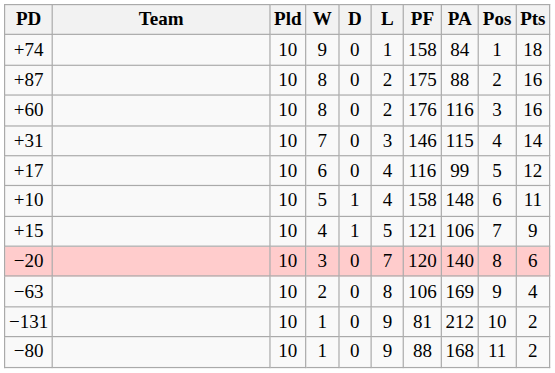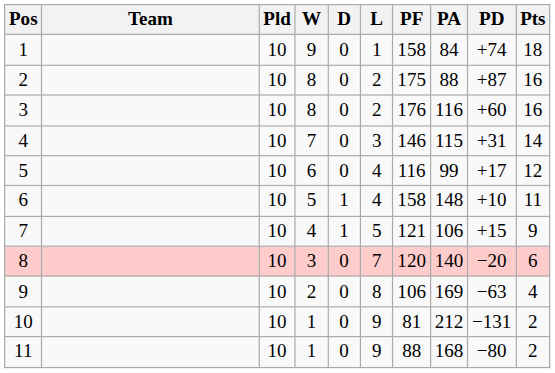 <table class="wikitable" style="text-align:center">
 <tr>
-<th width=25 abbr="Points difference">PD</th>
+<th width=20 abbr="Position">Pos</th>
 <th width=175>Team</th>
 <th width=20 abbr="Played">Pld</th>
 <th width=20 abbr="Won">W</th>
 <th width=20 abbr="Drawn">D</th>
 <th width=20 abbr="Lost">L</th>
 <th width=20 abbr="Points for">PF</th>
 <th width=20 abbr="Points against">PA</th>
-<th width=20 abbr="Position">Pos</th>
+<th width=25 abbr="Points difference">PD</th>
 <th width=20 abbr="Points">Pts</th>
 </tr>
 <tr>
-<td>+74</td>
+<td>1</td>
 <td style="text-align:left"></td>
 <td>10</td>
 <td>9</td>
 <td>0</td>
 <td>1</td>
 <td>158</td>
 <td>84</td>
-<td>1</td>
+<td>+74</td>
 <td>18</td>
 </tr>
 <tr>
-<td>+87</td>
+<td>2</td>
 <td style="text-align:left"></td>
 <td>10</td>
 <td>8</td>
 <td>0</td>
 <td>2</td>
 <td>175</td>
 <td>88</td>
-<td>2</td>
+<td>+87</td>
 <td>16</td>
 </tr>
 <tr>
-<td>+60</td>
+<td>3</td>
 <td style="text-align:left"></td>
 <td>10</td>
 <td>8</td>
 <td>0</td>
 <td>2</td>
 <td>176</td>
 <td>116</td>
-<td>3</td>
+<td>+60</td>
 <td>16</td>
 </tr>
 <tr>
-<td>+31</td>
+<td>4</td>
 <td style="text-align:left"></td>
 <td>10</td>
 <td>7</td>
 <td>0</td>
 <td>3</td>
 <td>146</td>
 <td>115</td>
-<td>4</td>
+<td>+31</td>
 <td>14</td>
 </tr>
 <tr>
-<td>+17</td>
+<td>5</td>
 <td style="text-align:left"></td>
 <td>10</td>
 <td>6</td>
 <td>0</td>
 <td>4</td>
 <td>116</td>
 <td>99</td>
-<td>5</td>
+<td>+17</td>
 <td>12</td>
 </tr>
 <tr>
-<td>+10</td>
+<td>6</td>
 <td style="text-align:left"></td>
 <td>10</td>
 <td>5</td>
 <td>1</td>
 <td>4</td>
 <td>158</td>
 <td>148</td>
-<td>6</td>
+<td>+10</td>
 <td>11</td>
 </tr>
 <tr>
-<td>+15</td>
+<td>7</td>
 <td style="text-align:left"></td>
 <td>10</td>
 <td>4</td>
 <td>1</td>
 <td>5</td>
 <td>121</td>
 <td>106</td>
-<td>7</td>
+<td>+15</td>
 <td>9</td>
 </tr>
 <tr style="background:#ffcccc">
-<td>−20</td>
+<td>8</td>
 <td style="text-align:left"></td>
 <td>10</td>
 <td>3</td>
 <td>0</td>
 <td>7</td>
 <td>120</td>
 <td>140</td>
-<td>8</td>
+<td>−20</td>
 <td>6</td>
 </tr>
 <tr>
-<td>−63</td>
+<td>9</td>
 <td style="text-align:left"></td>
 <td>10</td>
 <td>2</td>
 <td>0</td>
 <td>8</td>
 <td>106</td>
 <td>169</td>
-<td>9</td>
+<td>−63</td>
 <td>4</td>
 </tr>
 <tr>
-<td>−131</td>
+<td>10</td>
 <td style="text-align:left"></td>
 <td>10</td>
 <td>1</td>
 <td>0</td>
 <td>9</td>
 <td>81</td>
 <td>212</td>
-<td>10</td>
+<td>−131</td>
 <td>2</td>
 </tr>
 <tr>
-<td>−80</td>
+<td>11</td>
 <td style="text-align:left"></td>
 <td>10</td>
 <td>1</td>
 <td>0</td>
 <td>9</td>
 <td>88</td>
 <td>168</td>
-<td>11</td>
+<td>−80</td>
 <td>2</td>
 </tr>
 </table>
